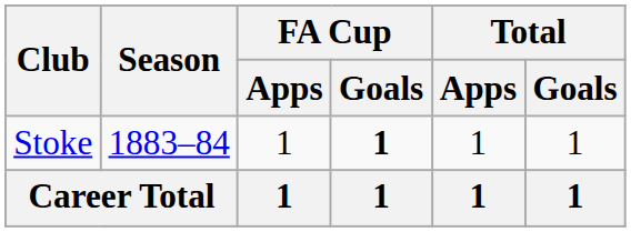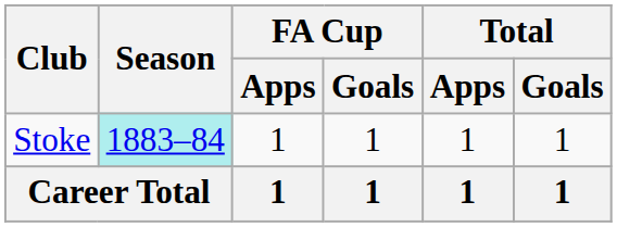 <table class="wikitable" style="text-align: center;">
 <tr>
 <th rowspan="2">Club</th>
 <th rowspan="2">Season</th>
 <th colspan="2">FA Cup</th>
 <th colspan="2">Total</th>
 </tr>
 <tr>
 <th>Apps</th>
 <th>Goals</th>
 <th>Apps</th>
 <th>Goals</th>
 </tr>
 <tr>
 <td><a href='#'>Stoke</a></td>
-<td><a href='#'>1883–84</a></td>
+<td style="background: paleturquoise;"><a href='#'>1883–84</a></td>
 <td>1</td>
-<td><strong>1</strong></td>
+<td>1</td>
 <td>1</td>
 <td>1</td>
 </tr>
 <tr>
 <th colspan="2">Career Total</th>
 <th>1</th>
 <th>1</th>
 <th>1</th>
 <th>1</th>
 </tr>
 </table>
